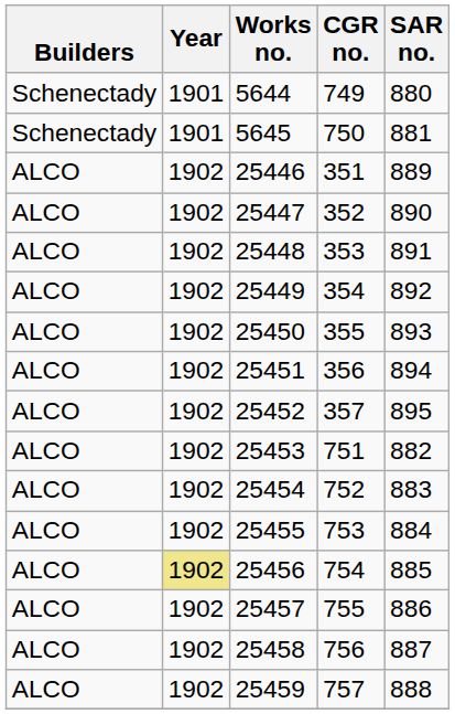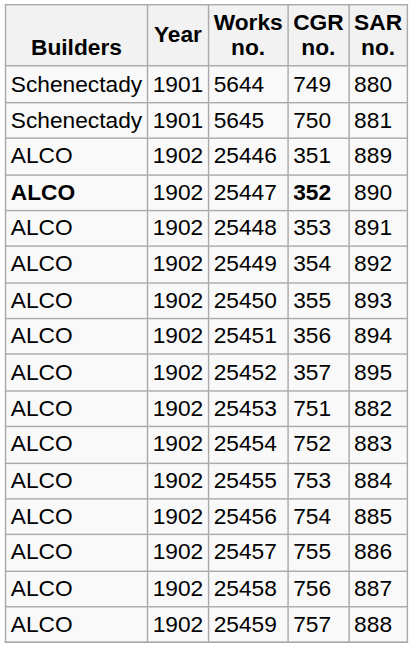 <table class="wikitable collapsible collapsed sortable" style="margin:0.5em auto; font-size:100%;">
 <tr>
 <th><br>Builders</th>
 <th>Year<br></th>
 <th>Works<br>no.</th>
 <th>CGR<br>no.</th>
 <th>SAR<br>no.</th>
 </tr>
 <tr>
 <td>Schenectady</td>
 <td>1901</td>
 <td>5644</td>
 <td>749</td>
 <td>880</td>
 </tr>
 <tr>
 <td>Schenectady</td>
 <td>1901</td>
 <td>5645</td>
 <td>750</td>
 <td>881</td>
 </tr>
 <tr>
 <td>ALCO</td>
 <td>1902</td>
 <td>25446</td>
 <td>351</td>
 <td>889</td>
 </tr>
 <tr>
-<td>ALCO</td>
+<td><strong>ALCO</strong></td>
 <td>1902</td>
 <td>25447</td>
-<td>352</td>
+<td><strong>352</strong></td>
 <td>890</td>
 </tr>
 <tr>
 <td>ALCO</td>
 <td>1902</td>
 <td>25448</td>
 <td>353</td>
 <td>891</td>
 </tr>
 <tr>
 <td>ALCO</td>
 <td>1902</td>
 <td>25449</td>
 <td>354</td>
 <td>892</td>
 </tr>
 <tr>
 <td>ALCO</td>
 <td>1902</td>
 <td>25450</td>
 <td>355</td>
 <td>893</td>
 </tr>
 <tr>
 <td>ALCO</td>
 <td>1902</td>
 <td>25451</td>
 <td>356</td>
 <td>894</td>
 </tr>
 <tr>
 <td>ALCO</td>
 <td>1902</td>
 <td>25452</td>
 <td>357</td>
 <td>895</td>
 </tr>
 <tr>
 <td>ALCO</td>
 <td>1902</td>
 <td>25453</td>
 <td>751</td>
 <td>882</td>
 </tr>
 <tr>
 <td>ALCO</td>
 <td>1902</td>
 <td>25454</td>
 <td>752</td>
 <td>883</td>
 </tr>
 <tr>
 <td>ALCO</td>
 <td>1902</td>
 <td>25455</td>
 <td>753</td>
 <td>884</td>
 </tr>
 <tr>
 <td>ALCO</td>
-<td style="background: khaki;">1902</td>
+<td>1902</td>
 <td>25456</td>
 <td>754</td>
 <td>885</td>
 </tr>
 <tr>
 <td>ALCO</td>
 <td>1902</td>
 <td>25457</td>
 <td>755</td>
 <td>886</td>
 </tr>
 <tr>
 <td>ALCO</td>
 <td>1902</td>
 <td>25458</td>
 <td>756</td>
 <td>887</td>
 </tr>
 <tr>
 <td>ALCO</td>
 <td>1902</td>
 <td>25459</td>
 <td>757</td>
 <td>888</td>
 </tr>
 <tr>
 </tr>
 </table>
